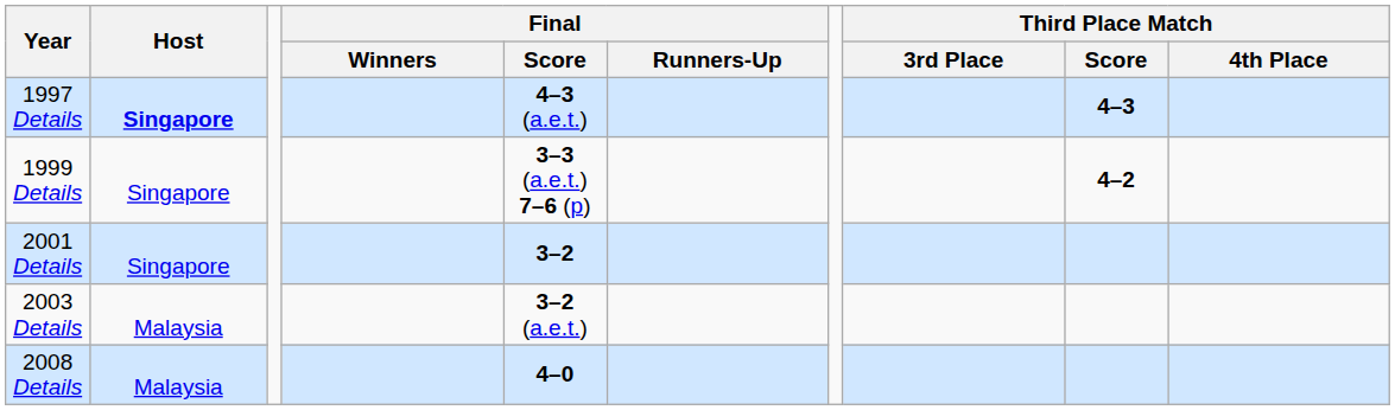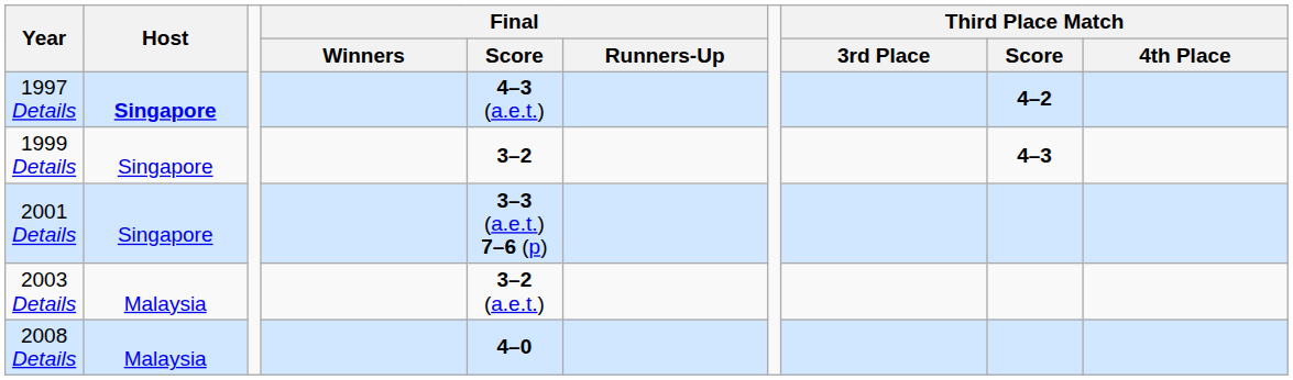 <table class="wikitable" style="font-size:90%; width: 100%; text-align: center;">
 <tr>
 <th rowspan="2" style="width:5%;">Year</th>
 <th rowspan="2" style="width:12%;">Host</th>
 <td style="width:1%;" rowspan="7"></td>
 <th colspan=3>Final</th>
 <td style="width:1%;" rowspan="7"></td>
 <th colspan=3>Third Place Match</th>
 </tr>
 <tr>
 <th width=15%>Winners</th>
 <th width=7%>Score</th>
 <th width=15%>Runners-Up</th>
 <th width=15%>3rd Place</th>
 <th width=7%>Score</th>
 <th width=15%>4th Place</th>
 </tr>
 <tr style="background:#d0e7ff;">
 <td>1997<br><em><a href='#'>Details</a></em></td>
 <td><strong> <br> <a href='#'>Singapore</a></strong></td>
 <td><strong></strong></td>
 <td><strong>4–3</strong> (<a href='#'>a.e.t.</a>)</td>
 <td></td>
 <td></td>
-<td><strong>4–3</strong></td>
+<td><strong>4–2</strong></td>
 <td></td>
 </tr>
 <tr>
 <td>1999<br><em><a href='#'>Details</a></em></td>
 <td> <br> <a href='#'>Singapore</a></td>
 <td><strong></strong></td>
-<td><strong>3–3</strong>  (<a href='#'>a.e.t.</a>)<br><strong>7–6</strong> (<a href='#'>p</a>)</td>
+<td><strong>3–2</strong></td>
 <td></td>
 <td></td>
-<td><strong>4–2</strong></td>
+<td><strong>4–3</strong></td>
 <td></td>
 </tr>
 <tr style="background:#d0e7ff;">
 <td>2001<br><em><a href='#'>Details</a></em></td>
 <td> <br> <a href='#'>Singapore</a></td>
 <td><strong></strong></td>
-<td><strong>3–2</strong></td>
+<td><strong>3–3</strong>  (<a href='#'>a.e.t.</a>)<br><strong>7–6</strong> (<a href='#'>p</a>)</td>
 <td></td>
 <td></td>
 <td></td>
 <td></td>
 </tr>
 <tr>
 <td>2003<br><em><a href='#'>Details</a></em></td>
 <td> <br> <a href='#'>Malaysia</a></td>
 <td><strong></strong></td>
 <td><strong>3–2</strong> (<a href='#'>a.e.t.</a>)</td>
 <td></td>
 <td></td>
 <td></td>
 <td></td>
 </tr>
 <tr style="background:#d0e7ff;">
 <td>2008<br><em><a href='#'>Details</a></em></td>
 <td> <br> <a href='#'>Malaysia</a></td>
 <td><strong></strong></td>
 <td><strong>4–0</strong></td>
 <td></td>
 <td></td>
 <td></td>
 <td></td>
 </tr>
 </table>
